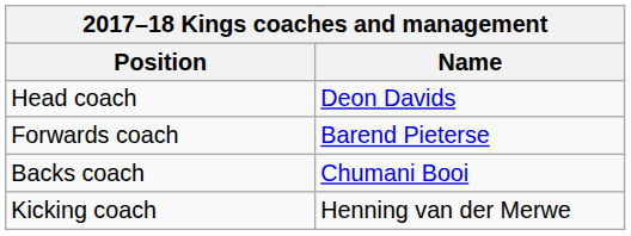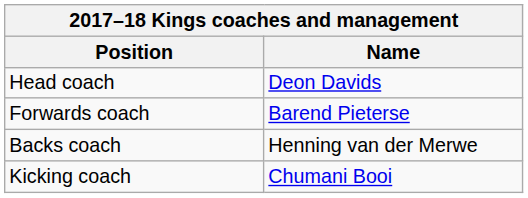 <table class="wikitable sortable" style="text-align:left; font-size:90%; width:30%">
 <tr>
 <th colspan=100%>2017–18 Kings coaches and management</th>
 </tr>
 <tr>
 <th style="width:50%;">Position</th>
 <th style="width:50%;">Name</th>
 </tr>
 <tr>
 <td>Head coach</td>
 <td><a href='#'>Deon Davids</a></td>
 </tr>
 <tr>
 <td>Forwards coach</td>
 <td><a href='#'>Barend Pieterse</a></td>
 </tr>
 <tr>
 <td>Backs coach</td>
-<td><a href='#'>Chumani Booi</a></td>
+<td>Henning van der Merwe</td>
 </tr>
 <tr>
 <td>Kicking coach</td>
-<td>Henning van der Merwe</td>
+<td><a href='#'>Chumani Booi</a></td>
 </tr>
 </table>
